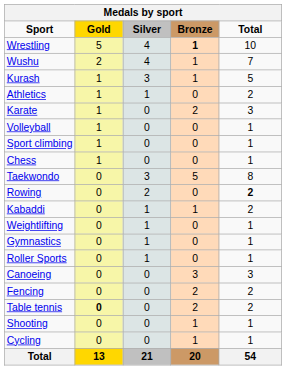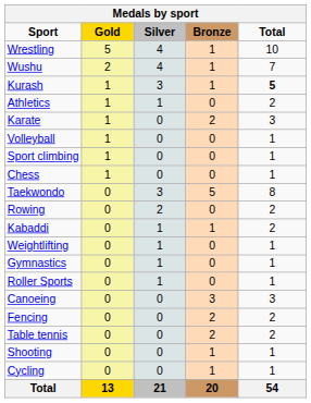 <table class="wikitable" style="font-size:90%; text-align:center;">
 <tr style="background:#efefef;">
 <th colspan=5>Medals by sport</th>
 </tr>
 <tr>
 <td><strong>Sport</strong></td>
 <td width=60 style="background:gold;"><strong>Gold </strong></td>
 <td width=60 style="background:silver;"><strong>Silver </strong></td>
 <td width=60 style="background:#c96;"><strong>Bronze </strong></td>
 <td width=80><strong>Total</strong></td>
 </tr>
 <tr>
 <td align=left> <a href='#'>Wrestling</a></td>
 <td style="background:#F7F6A8;">5</td>
 <td style="background:#DCE5E5;">4</td>
-<td style="background:#FFDAB9;"><strong>1</strong></td>
+<td style="background:#FFDAB9;">1</td>
 <td>10</td>
 </tr>
 <tr>
 <td align=left> <a href='#'>Wushu</a></td>
 <td style="background:#F7F6A8;">2</td>
 <td style="background:#DCE5E5;">4</td>
 <td style="background:#FFDAB9;">1</td>
 <td>7</td>
 </tr>
 <tr>
 <td align=left> <a href='#'>Kurash</a></td>
 <td style="background:#F7F6A8;">1</td>
 <td style="background:#DCE5E5;">3</td>
 <td style="background:#FFDAB9;">1</td>
-<td>5</td>
+<td><strong>5</strong></td>
 </tr>
 <tr>
 <td align=left> <a href='#'>Athletics</a></td>
 <td style="background:#F7F6A8;">1</td>
 <td style="background:#DCE5E5;">1</td>
 <td style="background:#FFDAB9;">0</td>
 <td>2</td>
 </tr>
 <tr>
 <td align=left> <a href='#'>Karate</a></td>
 <td style="background:#F7F6A8;">1</td>
 <td style="background:#DCE5E5;">0</td>
 <td style="background:#FFDAB9;">2</td>
 <td>3</td>
 </tr>
 <tr>
 <td align=left> <a href='#'>Volleyball</a></td>
 <td style="background:#F7F6A8;">1</td>
 <td style="background:#DCE5E5;">0</td>
 <td style="background:#FFDAB9;">0</td>
 <td>1</td>
 </tr>
 <tr>
 <td align=left> <a href='#'>Sport climbing</a></td>
 <td style="background:#F7F6A8;">1</td>
 <td style="background:#DCE5E5;">0</td>
 <td style="background:#FFDAB9;">0</td>
 <td>1</td>
 </tr>
 <tr>
 <td align=left> <a href='#'>Chess</a></td>
 <td style="background:#F7F6A8;">1</td>
 <td style="background:#DCE5E5;">0</td>
 <td style="background:#FFDAB9;">0</td>
 <td>1</td>
 </tr>
 <tr>
 <td align=left> <a href='#'>Taekwondo</a></td>
 <td style="background:#F7F6A8;">0</td>
 <td style="background:#DCE5E5;">3</td>
 <td style="background:#FFDAB9;">5</td>
 <td>8</td>
 </tr>
 <tr>
 <td align=left> <a href='#'>Rowing</a></td>
 <td style="background:#F7F6A8;">0</td>
 <td style="background:#DCE5E5;">2</td>
 <td style="background:#FFDAB9;">0</td>
-<td><strong>2</strong></td>
+<td>2</td>
 </tr>
 <tr>
 <td align=left> <a href='#'>Kabaddi</a></td>
 <td style="background:#F7F6A8;">0</td>
 <td style="background:#DCE5E5;">1</td>
 <td style="background:#FFDAB9;">1</td>
 <td>2</td>
 </tr>
 <tr>
 <td align=left> <a href='#'>Weightlifting</a></td>
 <td style="background:#F7F6A8;">0</td>
 <td style="background:#DCE5E5;">1</td>
 <td style="background:#FFDAB9;">0</td>
 <td>1</td>
 </tr>
 <tr>
 <td align=left> <a href='#'>Gymnastics</a></td>
 <td style="background:#F7F6A8;">0</td>
 <td style="background:#DCE5E5;">1</td>
 <td style="background:#FFDAB9;">0</td>
 <td>1</td>
 </tr>
 <tr>
 <td align=left><a href='#'>Roller Sports</a></td>
 <td style="background:#F7F6A8;">0</td>
 <td style="background:#DCE5E5;">1</td>
 <td style="background:#FFDAB9;">0</td>
 <td>1</td>
 </tr>
 <tr>
 <td align=left> <a href='#'>Canoeing</a></td>
 <td style="background:#F7F6A8;">0</td>
 <td style="background:#DCE5E5;">0</td>
 <td style="background:#FFDAB9;">3</td>
 <td>3</td>
 </tr>
 <tr>
 <td align=left> <a href='#'>Fencing</a></td>
 <td style="background:#F7F6A8;">0</td>
 <td style="background:#DCE5E5;">0</td>
 <td style="background:#FFDAB9;">2</td>
 <td>2</td>
 </tr>
 <tr>
 <td align=left> <a href='#'>Table tennis</a></td>
-<td style="background:#F7F6A8;"><strong>0</strong></td>
+<td style="background:#F7F6A8;">0</td>
 <td style="background:#DCE5E5;">0</td>
 <td style="background:#FFDAB9;">2</td>
 <td>2</td>
 </tr>
 <tr>
 <td align=left> <a href='#'>Shooting</a></td>
 <td style="background:#F7F6A8;">0</td>
 <td style="background:#DCE5E5;">0</td>
 <td style="background:#FFDAB9;">1</td>
 <td>1</td>
 </tr>
 <tr>
 <td align=left> <a href='#'>Cycling</a></td>
 <td style="background:#F7F6A8;">0</td>
 <td style="background:#DCE5E5;">0</td>
 <td style="background:#FFDAB9;">1</td>
 <td>1</td>
 </tr>
 <tr>
 <th>Total</th>
 <th style="background:gold;">13</th>
 <th style="background:silver;">21</th>
 <th style="background:#c96;">20</th>
 <th>54</th>
 </tr>
 </table>
